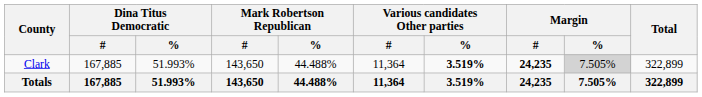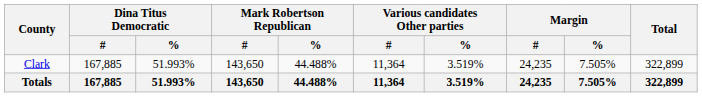 <table width="60%"  class="wikitable sortable" style="text-align:center">
 <tr>
 <th rowspan="2">County</th>
 <th style="text-align:center;" colspan="2">Dina Titus<br>Democratic</th>
 <th style="text-align:center;" colspan="2">Mark Robertson<br>Republican</th>
 <th style="text-align:center;" colspan="2">Various candidates<br>Other parties</th>
 <th style="text-align:center;" colspan="2">Margin</th>
 <th style="text-align:center;" rowspan="2">Total</th>
 </tr>
 <tr>
 <th style="text-align:center;" data-sort-type="number">#</th>
 <th style="text-align:center;" data-sort-type="number">%</th>
 <th style="text-align:center;" data-sort-type="number">#</th>
 <th style="text-align:center;" data-sort-type="number">%</th>
 <th style="text-align:center;" data-sort-type="number">#</th>
 <th style="text-align:center;" data-sort-type="number">%</th>
 <th style="text-align:center;" data-sort-type="number">#</th>
 <th style="text-align:center;" data-sort-type="number">%</th>
 </tr>
 <tr style="text-align:center;">
 <td><a href='#'>Clark</a></td>
 <td>167,885</td>
 <td>51.993%</td>
 <td>143,650</td>
 <td>44.488%</td>
 <td>11,364</td>
-<td><strong>3.519%</strong></td>
-<td><strong>24,235</strong></td>
-<td style="background: lightgrey;">7.505%</td>
+<td>3.519%</td>
+<td>24,235</td>
+<td>7.505%</td>
 <td>322,899</td>
 </tr>
 <tr style="text-align:center;">
 <th>Totals</th>
 <th>167,885</th>
 <th>51.993%</th>
 <th>143,650</th>
 <th>44.488%</th>
 <th>11,364</th>
 <th>3.519%</th>
 <th>24,235</th>
 <th>7.505%</th>
 <th>322,899</th>
 </tr>
 </table>
